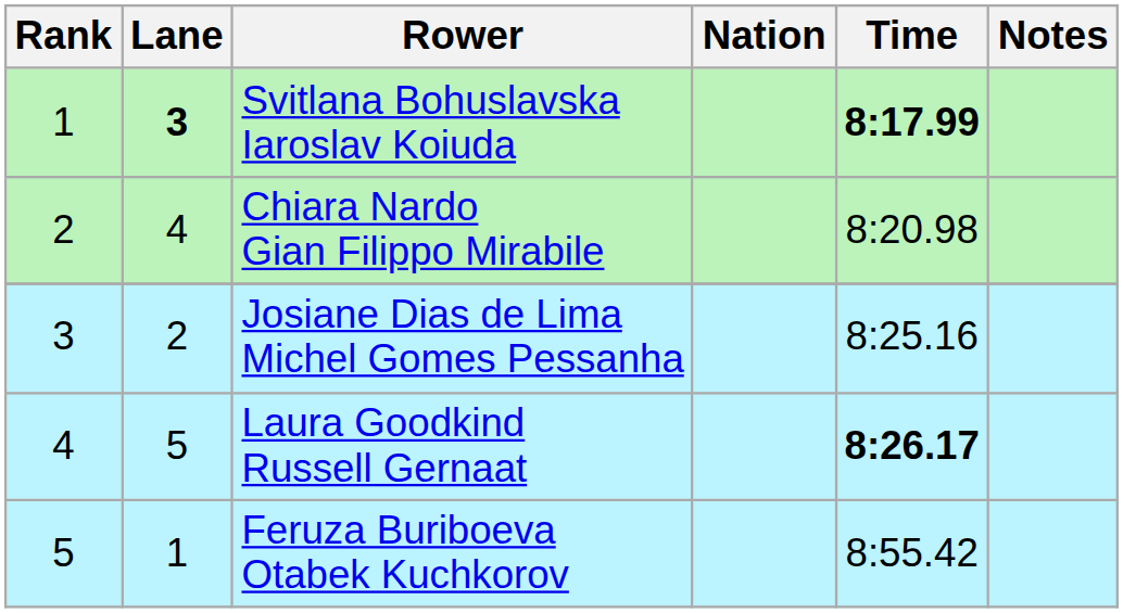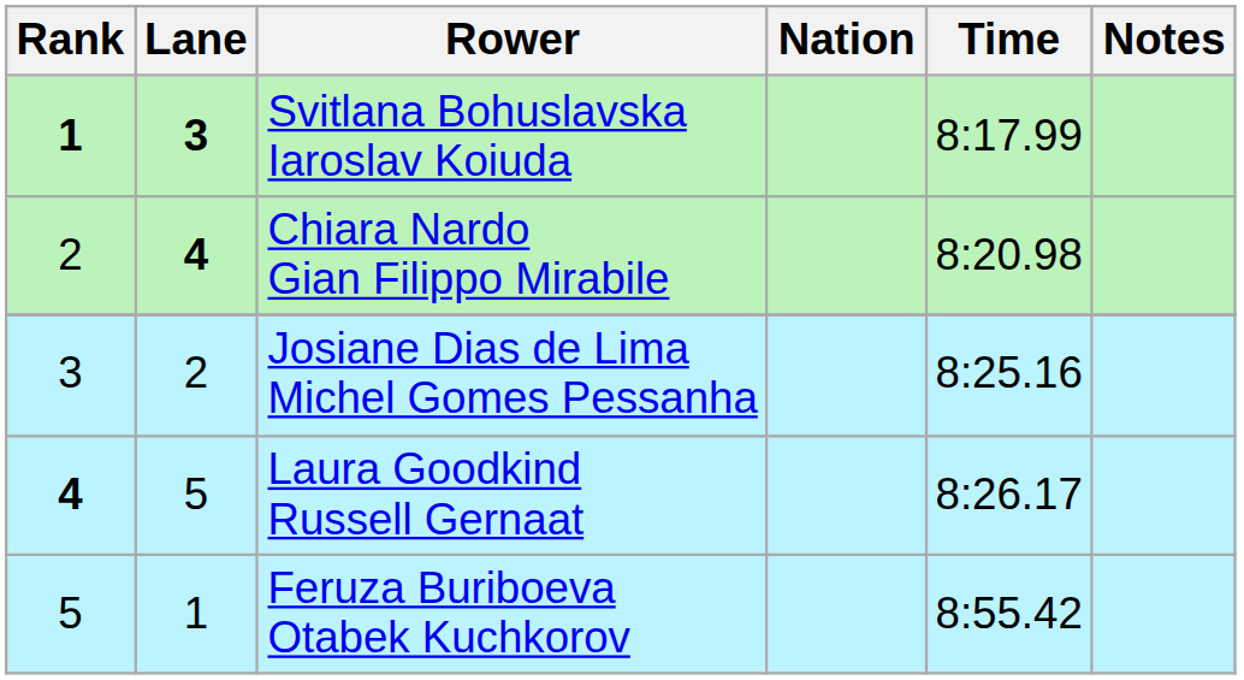 <table class="wikitable sortable" style="text-align:center">
 <tr>
 <th>Rank</th>
 <th>Lane</th>
 <th>Rower</th>
 <th>Nation</th>
 <th>Time</th>
 <th>Notes</th>
 </tr>
 <tr bgcolor=bbf3bb>
-<td>1</td>
+<td><strong>1</strong></td>
 <td><strong>3</strong></td>
 <td align="left"><a href='#'>Svitlana Bohuslavska</a><br><a href='#'>Iaroslav Koiuda</a></td>
 <td align="left"></td>
-<td><strong>8:17.99</strong></td>
+<td>8:17.99</td>
 <td></td>
 </tr>
 <tr bgcolor=bbf3bb>
 <td>2</td>
-<td>4</td>
+<td><strong>4</strong></td>
 <td align="left"><a href='#'>Chiara Nardo</a><br><a href='#'>Gian Filippo Mirabile</a></td>
 <td align="left"></td>
 <td>8:20.98</td>
 <td></td>
 </tr>
 <tr bgcolor=bbf3ff>
 </tr>
 <tr bgcolor=bbf3ff>
 <td>3</td>
 <td>2</td>
 <td align="left"><a href='#'>Josiane Dias de Lima</a><br><a href='#'>Michel Gomes Pessanha</a></td>
 <td align="left"></td>
 <td>8:25.16</td>
 <td></td>
 </tr>
 <tr bgcolor=bbf3ff>
-<td>4</td>
+<td><strong>4</strong></td>
 <td>5</td>
 <td align="left"><a href='#'>Laura Goodkind</a><br><a href='#'>Russell Gernaat</a></td>
 <td align="left"></td>
-<td><strong>8:26.17</strong></td>
+<td>8:26.17</td>
 <td></td>
 </tr>
 <tr bgcolor=bbf3ff>
 <td>5</td>
 <td>1</td>
 <td align="left"><a href='#'>Feruza Buriboeva</a><br><a href='#'>Otabek Kuchkorov</a></td>
 <td align="left"></td>
 <td>8:55.42</td>
 <td></td>
 </tr>
 </table>
